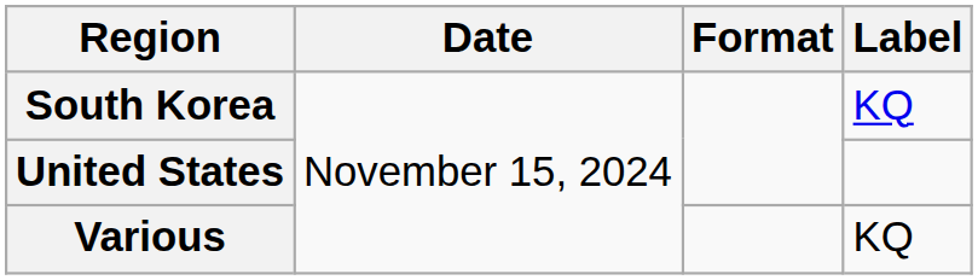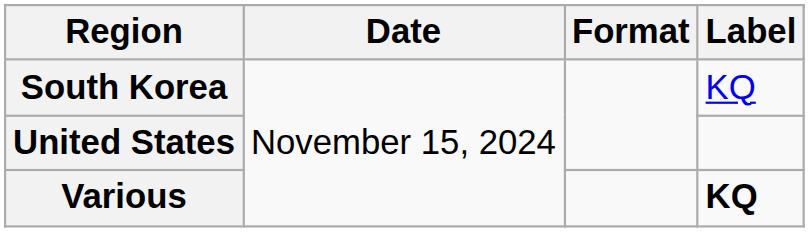 <table class="wikitable plainrowheaders">
 <tr>
 <th scope="col">Region</th>
 <th scope="col">Date</th>
 <th scope="col">Format</th>
 <th scope="col">Label</th>
 </tr>
 <tr>
 <th scope="row">South Korea</th>
 <td rowspan="3">November 15, 2024</td>
 <td rowspan="2"></td>
 <td><a href='#'>KQ</a></td>
 </tr>
 <tr>
 <th scope="row">United States</th>
 <td></td>
 </tr>
 <tr>
 <th scope="row">Various</th>
 <td></td>
-<td>KQ</td>
+<td><strong>KQ</strong></td>
 </tr>
 </table>
